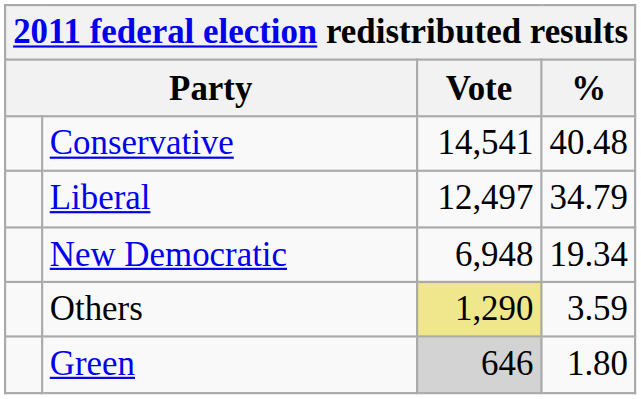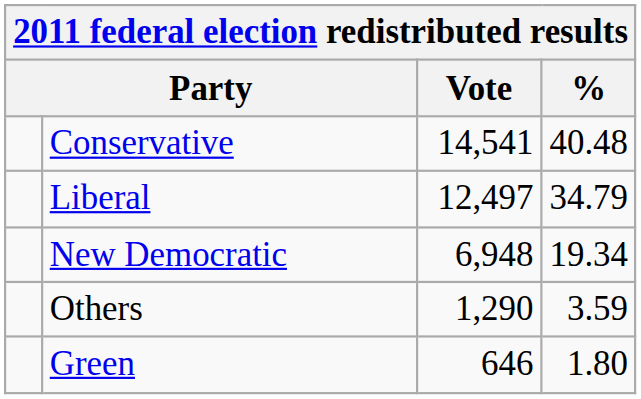 <table class="wikitable">
 <tr>
 <th colspan="4"><a href='#'>2011 federal election</a> redistributed results</th>
 </tr>
 <tr>
 <th bgcolor="#DDDDFF" width="130px" colspan="2">Party</th>
 <th bgcolor="#DDDDFF" width="50px">Vote</th>
 <th bgcolor="#DDDDFF" width="30px">%</th>
 </tr>
 <tr>
 <td> </td>
 <td><a href='#'>Conservative</a></td>
 <td align=right>14,541</td>
 <td align=right>40.48</td>
 </tr>
 <tr>
 <td> </td>
 <td><a href='#'>Liberal</a></td>
 <td align=right>12,497</td>
 <td align=right>34.79</td>
 </tr>
 <tr>
 <td> </td>
 <td><a href='#'>New Democratic</a></td>
 <td align=right>6,948</td>
 <td align=right>19.34</td>
 </tr>
 <tr>
 <td> </td>
 <td>Others</td>
-<td align=right style="background: khaki;">1,290</td>
+<td align=right>1,290</td>
 <td align=right>3.59</td>
 </tr>
 <tr>
 <td> </td>
 <td><a href='#'>Green</a></td>
-<td align=right style="background: lightgrey;">646</td>
+<td align=right>646</td>
 <td align=right>1.80</td>
 </tr>
 </table>
